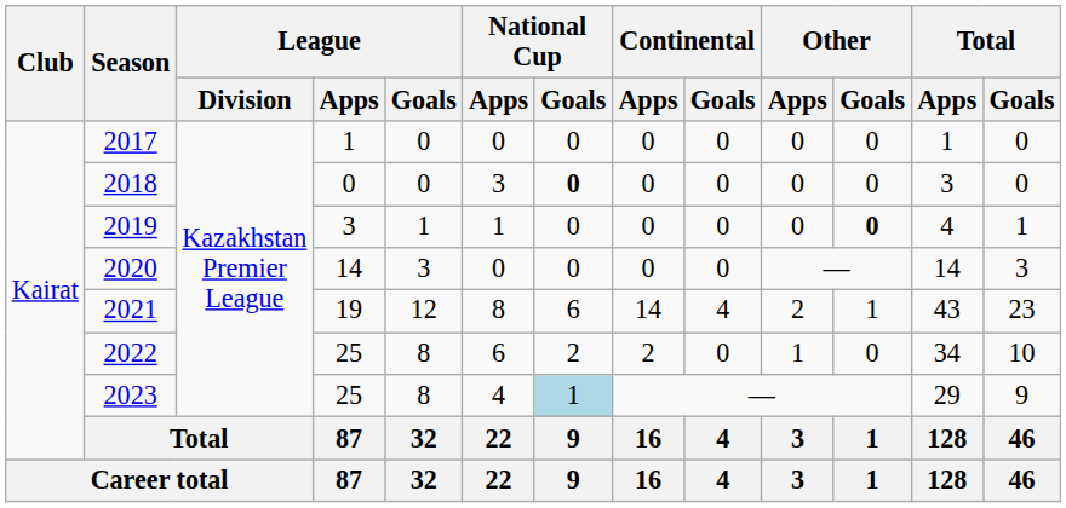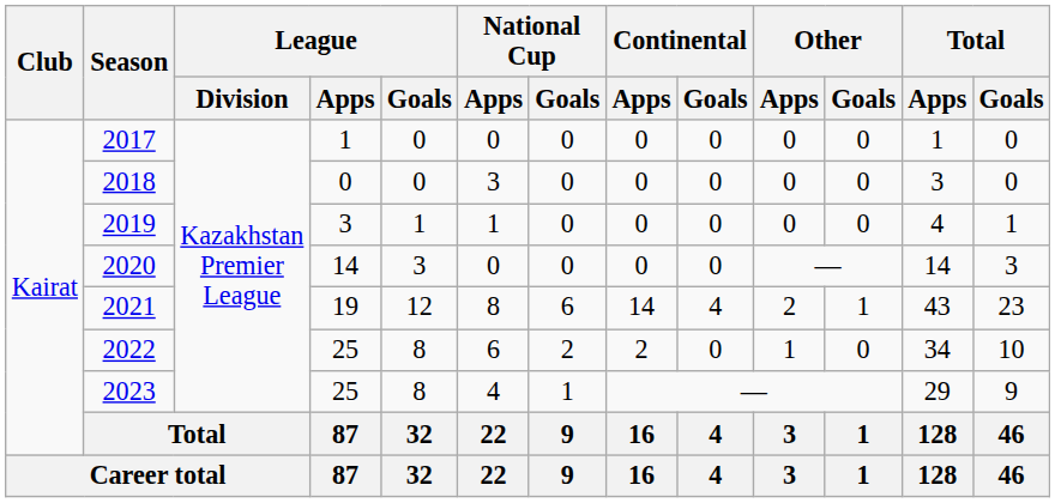 <table class="wikitable" style="text-align:center">
 <tr>
 <th rowspan="2">Club</th>
 <th rowspan="2">Season</th>
 <th colspan="3">League</th>
 <th colspan="2">National Cup</th>
 <th colspan="2">Continental</th>
 <th colspan="2">Other</th>
 <th colspan="2">Total</th>
 </tr>
 <tr>
 <th>Division</th>
 <th>Apps</th>
 <th>Goals</th>
 <th>Apps</th>
 <th>Goals</th>
 <th>Apps</th>
 <th>Goals</th>
 <th>Apps</th>
 <th>Goals</th>
 <th>Apps</th>
 <th>Goals</th>
 </tr>
 <tr>
 <td rowspan="8"><a href='#'>Kairat</a></td>
 <td><a href='#'>2017</a></td>
 <td rowspan="7"><a href='#'>Kazakhstan Premier League</a></td>
 <td>1</td>
 <td>0</td>
 <td>0</td>
 <td>0</td>
 <td>0</td>
 <td>0</td>
 <td>0</td>
 <td>0</td>
 <td>1</td>
 <td>0</td>
 </tr>
 <tr>
 <td><a href='#'>2018</a></td>
 <td>0</td>
 <td>0</td>
 <td>3</td>
-<td><strong>0</strong></td>
+<td>0</td>
 <td>0</td>
 <td>0</td>
 <td>0</td>
 <td>0</td>
 <td>3</td>
 <td>0</td>
 </tr>
 <tr>
 <td><a href='#'>2019</a></td>
 <td>3</td>
 <td>1</td>
 <td>1</td>
 <td>0</td>
 <td>0</td>
 <td>0</td>
 <td>0</td>
-<td><strong>0</strong></td>
+<td>0</td>
 <td>4</td>
 <td>1</td>
 </tr>
 <tr>
 <td><a href='#'>2020</a></td>
 <td>14</td>
 <td>3</td>
 <td>0</td>
 <td>0</td>
 <td>0</td>
 <td>0</td>
 <td colspan="2">—</td>
 <td>14</td>
 <td>3</td>
 </tr>
 <tr>
 <td><a href='#'>2021</a></td>
 <td>19</td>
 <td>12</td>
 <td>8</td>
 <td>6</td>
 <td>14</td>
 <td>4</td>
 <td>2</td>
 <td>1</td>
 <td>43</td>
 <td>23</td>
 </tr>
 <tr>
 <td><a href='#'>2022</a></td>
 <td>25</td>
 <td>8</td>
 <td>6</td>
 <td>2</td>
 <td>2</td>
 <td>0</td>
 <td>1</td>
 <td>0</td>
 <td>34</td>
 <td>10</td>
 </tr>
 <tr>
 <td><a href='#'>2023</a></td>
 <td>25</td>
 <td>8</td>
 <td>4</td>
-<td style="background: lightblue;">1</td>
+<td>1</td>
 <td colspan="4">—</td>
 <td>29</td>
 <td>9</td>
 </tr>
 <tr>
 <th colspan="2">Total</th>
 <th>87</th>
 <th>32</th>
 <th>22</th>
 <th>9</th>
 <th>16</th>
 <th>4</th>
 <th>3</th>
 <th>1</th>
 <th>128</th>
 <th>46</th>
 </tr>
 <tr>
 <th colspan="3">Career total</th>
 <th>87</th>
 <th>32</th>
 <th>22</th>
 <th>9</th>
 <th>16</th>
 <th>4</th>
 <th>3</th>
 <th>1</th>
 <th>128</th>
 <th>46</th>
 </tr>
 </table>
